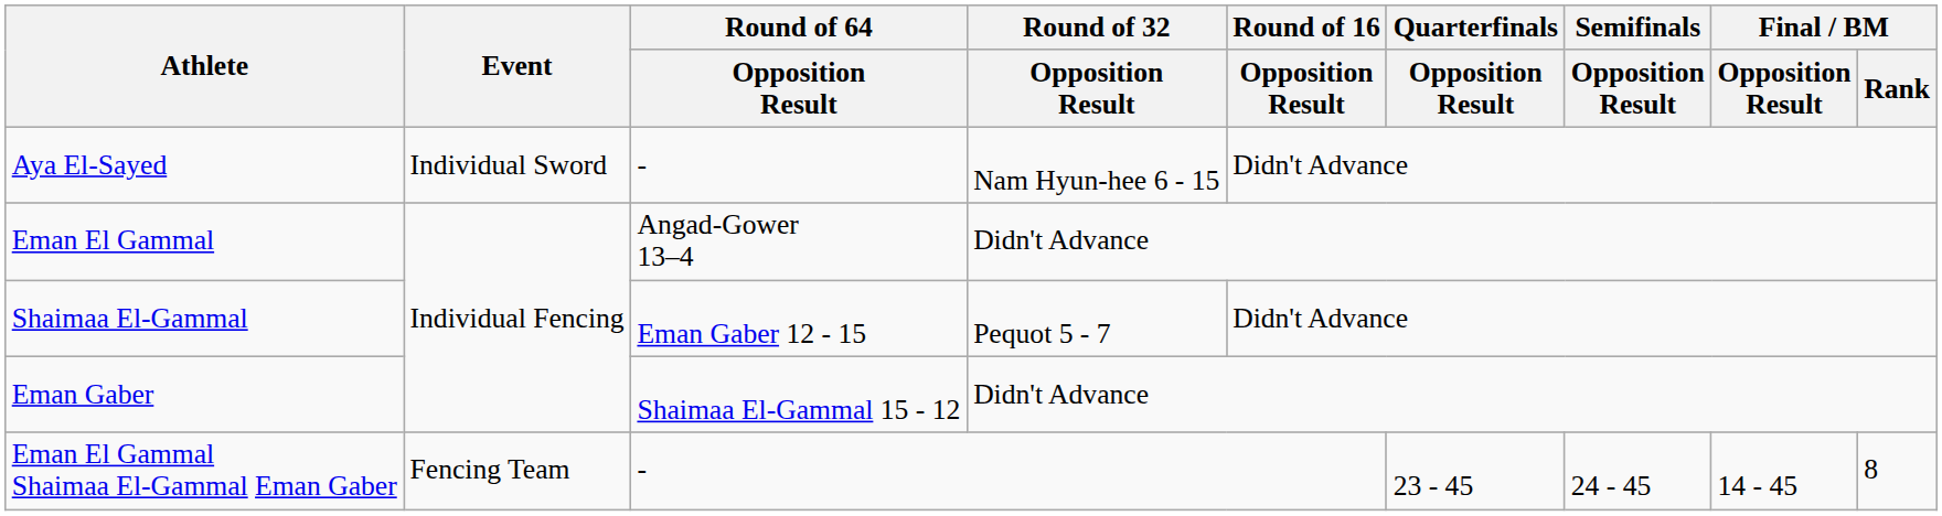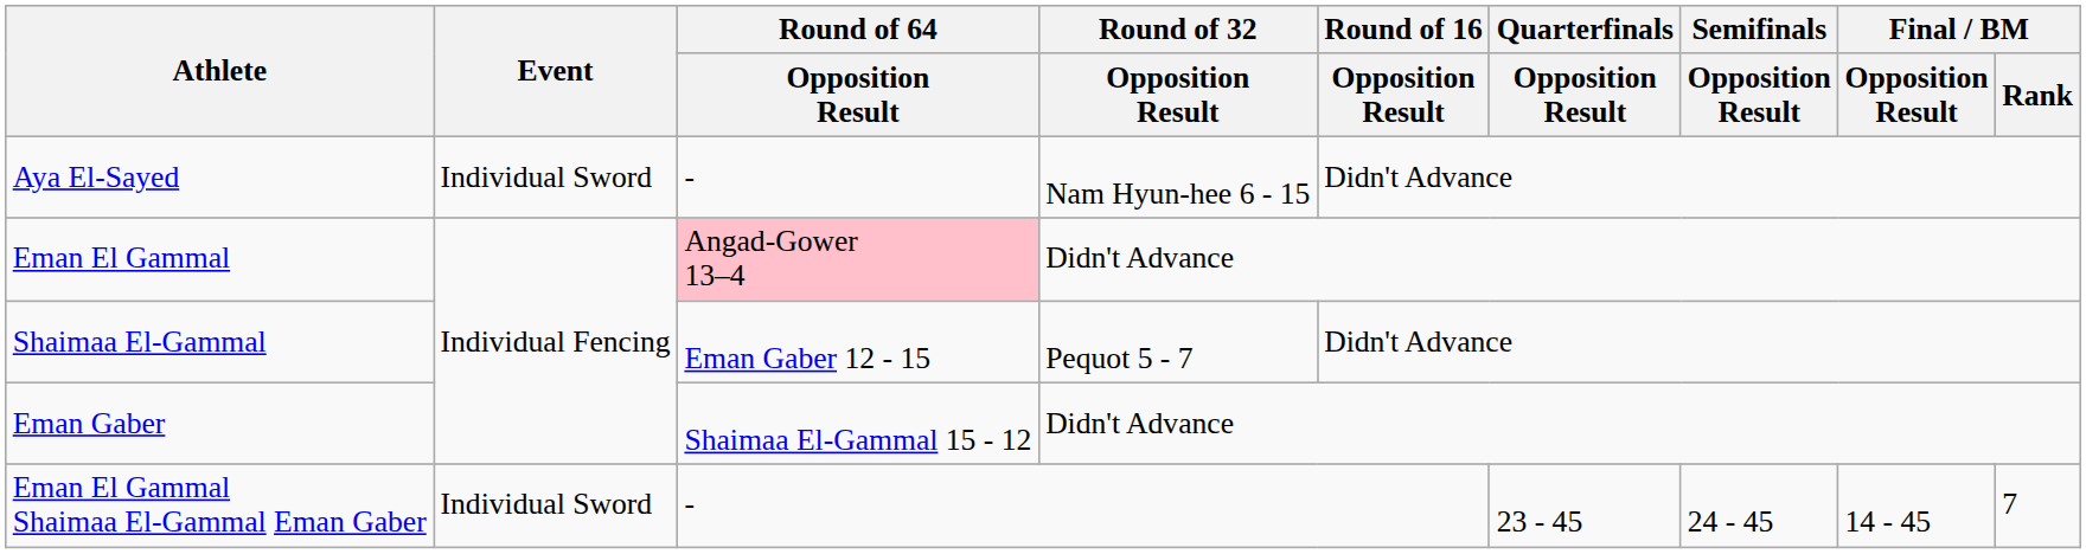 <table class="wikitable">
 <tr>
 <th rowspan="2">Athlete</th>
 <th rowspan="2">Event</th>
 <th>Round of 64</th>
 <th>Round of 32</th>
 <th>Round of 16</th>
 <th>Quarterfinals</th>
 <th>Semifinals</th>
 <th colspan="2">Final / <abbr>BM</abbr></th>
 </tr>
 <tr>
 <th>Opposition<br>Result</th>
 <th>Opposition<br>Result</th>
 <th>Opposition<br>Result</th>
 <th>Opposition<br>Result</th>
 <th>Opposition<br>Result</th>
 <th>Opposition<br>Result</th>
 <th>Rank</th>
 </tr>
 <tr>
 <td><a href='#'>Aya El-Sayed</a></td>
 <td>Individual Sword</td>
 <td>-</td>
 <td><br>Nam Hyun-hee 6 - 15</td>
 <td colspan="5">Didn't Advance</td>
 </tr>
 <tr>
 <td><a href='#'>Eman El Gammal</a></td>
 <td rowspan="3">Individual Fencing</td>
-<td> Angad-Gower<br>13–4</td>
+<td style="background: pink;"> Angad-Gower<br>13–4</td>
 <td colspan="6">Didn't Advance</td>
 </tr>
 <tr>
 <td><a href='#'>Shaimaa El-Gammal</a></td>
 <td><br><a href='#'>Eman Gaber</a> 12 - 15</td>
 <td><br>Pequot 5 - 7</td>
 <td colspan="5">Didn't Advance</td>
 </tr>
 <tr>
 <td><a href='#'>Eman Gaber</a></td>
 <td><br><a href='#'>Shaimaa El-Gammal</a> 15 - 12</td>
 <td colspan="6">Didn't Advance</td>
 </tr>
 <tr>
 <td><a href='#'>Eman El Gammal</a><br><a href='#'>Shaimaa El-Gammal</a> <a href='#'>Eman Gaber</a></td>
-<td>Fencing Team</td>
+<td>Individual Sword</td>
 <td colspan="3">-</td>
 <td><br>23 - 45</td>
 <td><br>24 - 45</td>
 <td><br>14 - 45</td>
-<td>8</td>
+<td>7</td>
 </tr>
 </table>
